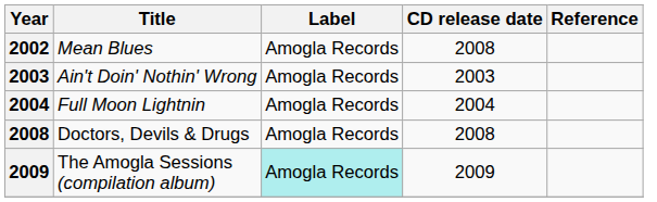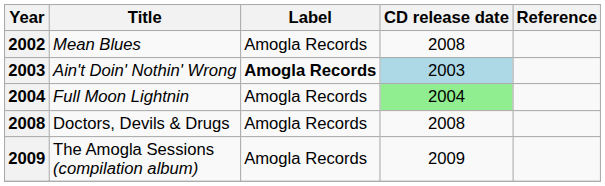 <table class="sortable wikitable plainrowheaders">
 <tr>
 <th>Year</th>
 <th>Title</th>
 <th>Label</th>
 <th>CD release date</th>
 <th>Reference</th>
 </tr>
 <tr>
 <th scope="row">2002</th>
 <td><em>Mean Blues</em></td>
 <td>Amogla Records</td>
 <td align=center>2008</td>
 <td></td>
 </tr>
 <tr>
 <th scope="row">2003</th>
 <td><em>Ain't Doin' Nothin' Wrong</em></td>
-<td>Amogla Records</td>
-<td align=center>2003</td>
+<td><strong>Amogla Records</strong></td>
+<td align=center style="background: lightblue;">2003</td>
 <td></td>
 </tr>
 <tr>
 <th scope="row">2004</th>
 <td><em>Full Moon Lightnin<strong></td>
 <td>Amogla Records</td>
-<td align=center>2004</td>
+<td align=center style="background: lightgreen;">2004</td>
 <td></td>
 </tr>
 <tr>
 <th scope="row">2008</th>
 <td></em>Doctors, Devils & Drugs<em></td>
 <td>Amogla Records</td>
 <td align=center>2008</td>
 <td></td>
 </tr>
 <tr>
 <th scope="row">2009</th>
 <td></em>The Amogla Sessions<em><br>(compilation album)</td>
-<td style="background: paleturquoise;">Amogla Records</td>
+<td>Amogla Records</td>
 <td align=center>2009</td>
 <td></td>
 </tr>
 <tr>
 </tr>
 </table>
